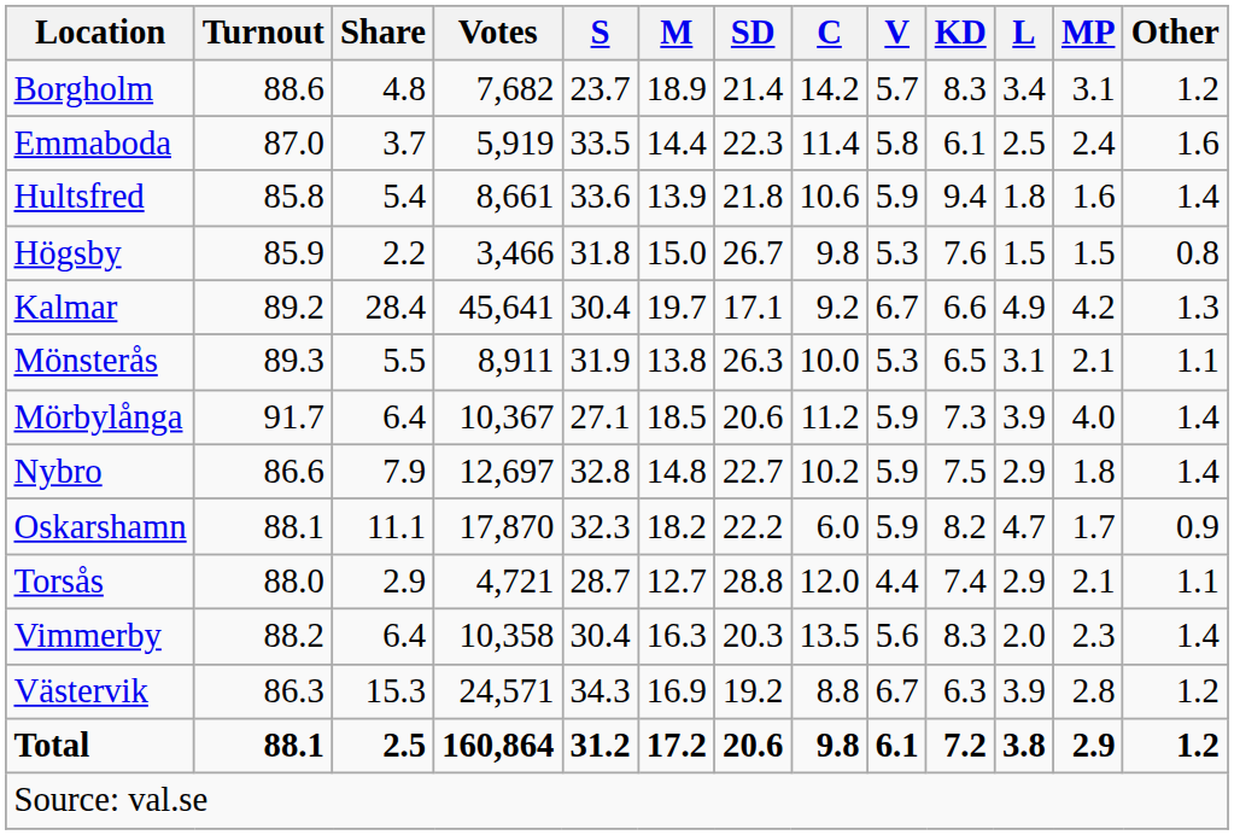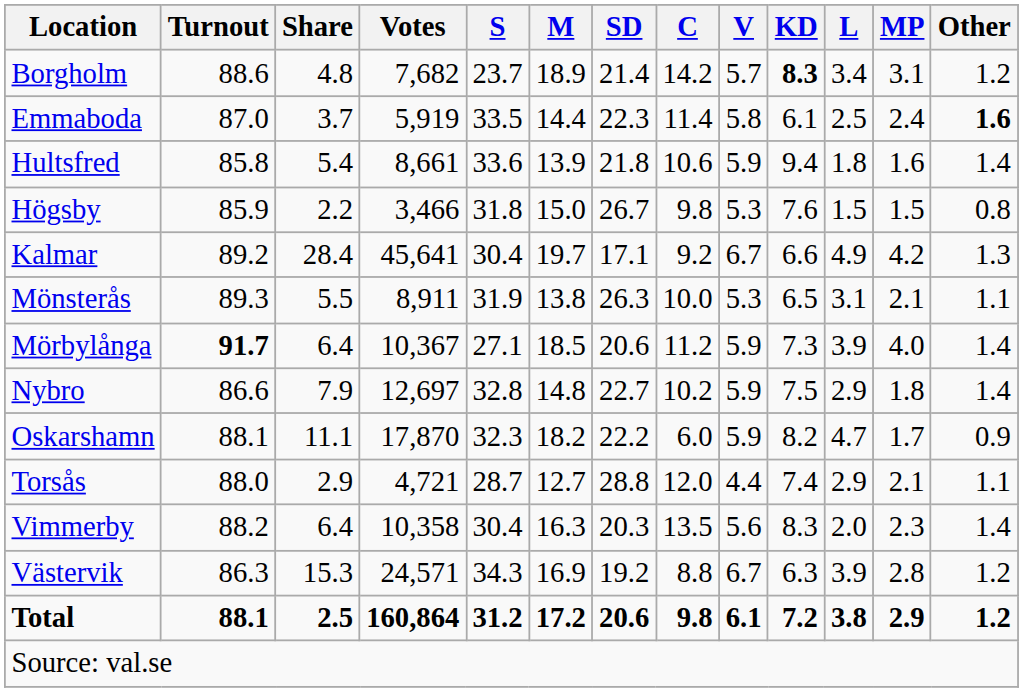 <table class="wikitable sortable" style=text-align:right>
 <tr>
 <th>Location</th>
 <th>Turnout</th>
 <th>Share</th>
 <th>Votes</th>
 <th><a href='#'>S</a></th>
 <th><a href='#'>M</a></th>
 <th><a href='#'>SD</a></th>
 <th><a href='#'>C</a></th>
 <th><a href='#'>V</a></th>
 <th><a href='#'>KD</a></th>
 <th><a href='#'>L</a></th>
 <th><a href='#'>MP</a></th>
 <th>Other</th>
 </tr>
 <tr>
 <td align=left><a href='#'>Borgholm</a></td>
 <td>88.6</td>
 <td>4.8</td>
 <td>7,682</td>
 <td>23.7</td>
 <td>18.9</td>
 <td>21.4</td>
 <td>14.2</td>
 <td>5.7</td>
-<td>8.3</td>
+<td><strong>8.3</strong></td>
 <td>3.4</td>
 <td>3.1</td>
 <td>1.2</td>
 </tr>
 <tr>
 <td align=left><a href='#'>Emmaboda</a></td>
 <td>87.0</td>
 <td>3.7</td>
 <td>5,919</td>
 <td>33.5</td>
 <td>14.4</td>
 <td>22.3</td>
 <td>11.4</td>
 <td>5.8</td>
 <td>6.1</td>
 <td>2.5</td>
 <td>2.4</td>
-<td>1.6</td>
+<td><strong>1.6</strong></td>
 </tr>
 <tr>
 <td align=left><a href='#'>Hultsfred</a></td>
 <td>85.8</td>
 <td>5.4</td>
 <td>8,661</td>
 <td>33.6</td>
 <td>13.9</td>
 <td>21.8</td>
 <td>10.6</td>
 <td>5.9</td>
 <td>9.4</td>
 <td>1.8</td>
 <td>1.6</td>
 <td>1.4</td>
 </tr>
 <tr>
 <td align=left><a href='#'>Högsby</a></td>
 <td>85.9</td>
 <td>2.2</td>
 <td>3,466</td>
 <td>31.8</td>
 <td>15.0</td>
 <td>26.7</td>
 <td>9.8</td>
 <td>5.3</td>
 <td>7.6</td>
 <td>1.5</td>
 <td>1.5</td>
 <td>0.8</td>
 </tr>
 <tr>
 <td align=left><a href='#'>Kalmar</a></td>
 <td>89.2</td>
 <td>28.4</td>
 <td>45,641</td>
 <td>30.4</td>
 <td>19.7</td>
 <td>17.1</td>
 <td>9.2</td>
 <td>6.7</td>
 <td>6.6</td>
 <td>4.9</td>
 <td>4.2</td>
 <td>1.3</td>
 </tr>
 <tr>
 <td align=left><a href='#'>Mönsterås</a></td>
 <td>89.3</td>
 <td>5.5</td>
 <td>8,911</td>
 <td>31.9</td>
 <td>13.8</td>
 <td>26.3</td>
 <td>10.0</td>
 <td>5.3</td>
 <td>6.5</td>
 <td>3.1</td>
 <td>2.1</td>
 <td>1.1</td>
 </tr>
 <tr>
 <td align=left><a href='#'>Mörbylånga</a></td>
-<td>91.7</td>
+<td><strong>91.7</strong></td>
 <td>6.4</td>
 <td>10,367</td>
 <td>27.1</td>
 <td>18.5</td>
 <td>20.6</td>
 <td>11.2</td>
 <td>5.9</td>
 <td>7.3</td>
 <td>3.9</td>
 <td>4.0</td>
 <td>1.4</td>
 </tr>
 <tr>
 <td align=left><a href='#'>Nybro</a></td>
 <td>86.6</td>
 <td>7.9</td>
 <td>12,697</td>
 <td>32.8</td>
 <td>14.8</td>
 <td>22.7</td>
 <td>10.2</td>
 <td>5.9</td>
 <td>7.5</td>
 <td>2.9</td>
 <td>1.8</td>
 <td>1.4</td>
 </tr>
 <tr>
 <td align=left><a href='#'>Oskarshamn</a></td>
 <td>88.1</td>
 <td>11.1</td>
 <td>17,870</td>
 <td>32.3</td>
 <td>18.2</td>
 <td>22.2</td>
 <td>6.0</td>
 <td>5.9</td>
 <td>8.2</td>
 <td>4.7</td>
 <td>1.7</td>
 <td>0.9</td>
 </tr>
 <tr>
 <td align=left><a href='#'>Torsås</a></td>
 <td>88.0</td>
 <td>2.9</td>
 <td>4,721</td>
 <td>28.7</td>
 <td>12.7</td>
 <td>28.8</td>
 <td>12.0</td>
 <td>4.4</td>
 <td>7.4</td>
 <td>2.9</td>
 <td>2.1</td>
 <td>1.1</td>
 </tr>
 <tr>
 <td align=left><a href='#'>Vimmerby</a></td>
 <td>88.2</td>
 <td>6.4</td>
 <td>10,358</td>
 <td>30.4</td>
 <td>16.3</td>
 <td>20.3</td>
 <td>13.5</td>
 <td>5.6</td>
 <td>8.3</td>
 <td>2.0</td>
 <td>2.3</td>
 <td>1.4</td>
 </tr>
 <tr>
 <td align=left><a href='#'>Västervik</a></td>
 <td>86.3</td>
 <td>15.3</td>
 <td>24,571</td>
 <td>34.3</td>
 <td>16.9</td>
 <td>19.2</td>
 <td>8.8</td>
 <td>6.7</td>
 <td>6.3</td>
 <td>3.9</td>
 <td>2.8</td>
 <td>1.2</td>
 </tr>
 <tr>
 <td align=left><strong>Total</strong></td>
 <td><strong>88.1</strong></td>
 <td><strong>2.5</strong></td>
 <td><strong>160,864</strong></td>
 <td><strong>31.2</strong></td>
 <td><strong>17.2</strong></td>
 <td><strong>20.6</strong></td>
 <td><strong>9.8</strong></td>
 <td><strong>6.1</strong></td>
 <td><strong>7.2</strong></td>
 <td><strong>3.8</strong></td>
 <td><strong>2.9</strong></td>
 <td><strong>1.2</strong></td>
 </tr>
 <tr>
 <td align=left colspan=13>Source: val.se</td>
 </tr>
 </table>
